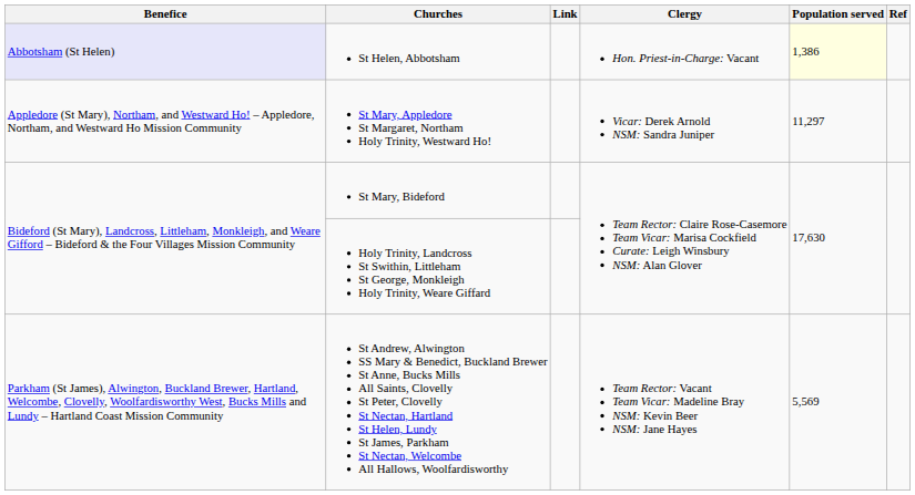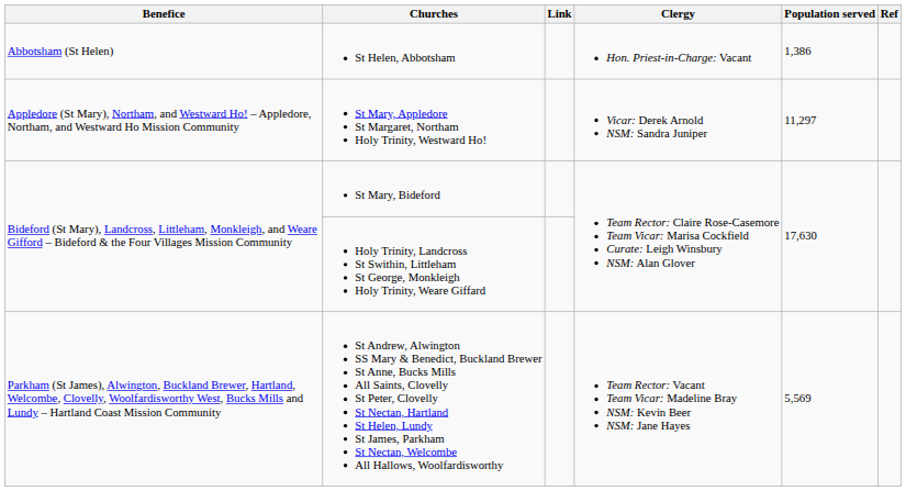 <table class="wikitable">
 <tr>
 <th width="425">Benefice</th>
 <th>Churches</th>
 <th>Link</th>
 <th>Clergy</th>
 <th>Population served</th>
 <th>Ref</th>
 </tr>
 <tr>
-<td style="background: lavender;"><a href='#'>Abbotsham</a> (St Helen)</td>
+<td><a href='#'>Abbotsham</a> (St Helen)</td>
 <td><br><ul><li>St Helen, Abbotsham</li></ul></td>
 <td></td>
 <td><br><ul><li><em>Hon. Priest-in-Charge:</em> Vacant</li></ul></td>
-<td style="background: lightyellow;">1,386</td>
+<td>1,386</td>
 <td></td>
 </tr>
 <tr>
 <td><a href='#'>Appledore</a> (St Mary), <a href='#'>Northam</a>, and <a href='#'>Westward Ho!</a> – Appledore, Northam, and Westward Ho Mission Community</td>
 <td><br><ul><li><a href='#'>St Mary, Appledore</a> </li><li>St Margaret, Northam</li><li>Holy Trinity, Westward Ho!</li></ul></td>
 <td></td>
 <td><br><ul><li><em>Vicar:</em> Derek Arnold</li><li><em>NSM:</em> Sandra Juniper</li></ul></td>
 <td>11,297</td>
 <td></td>
 </tr>
 <tr>
 <td rowspan="2"><a href='#'>Bideford</a> (St Mary), <a href='#'>Landcross</a>, <a href='#'>Littleham</a>, <a href='#'>Monkleigh</a>, and <a href='#'>Weare Gifford</a> – Bideford & the Four Villages Mission Community</td>
 <td><br><ul><li>St Mary, Bideford</li></ul></td>
 <td></td>
 <td rowspan="2"><br><ul><li><em>Team Rector:</em> Claire Rose-Casemore</li><li><em>Team Vicar:</em> Marisa Cockfield</li><li><em>Curate:</em> Leigh Winsbury</li><li><em>NSM:</em> Alan Glover</li></ul></td>
 <td rowspan="2">17,630</td>
 <td rowspan="2"></td>
 </tr>
 <tr>
 <td><br><ul><li>Holy Trinity, Landcross</li><li>St Swithin, Littleham</li><li>St George, Monkleigh</li><li>Holy Trinity, Weare Giffard</li></ul></td>
 <td></td>
 </tr>
 <tr>
 <td><a href='#'>Parkham</a> (St James), <a href='#'>Alwington</a>, <a href='#'>Buckland Brewer</a>, <a href='#'>Hartland</a>, <a href='#'>Welcombe</a>, <a href='#'>Clovelly</a>, <a href='#'>Woolfardisworthy West</a>, <a href='#'>Bucks Mills</a> and <a href='#'>Lundy</a> – Hartland Coast Mission Community</td>
 <td><br><ul><li>St Andrew, Alwington</li><li>SS Mary & Benedict, Buckland Brewer</li><li>St Anne, Bucks Mills</li><li>All Saints, Clovelly</li><li>St Peter, Clovelly</li><li><a href='#'>St Nectan, Hartland</a></li><li><a href='#'>St Helen, Lundy</a> </li><li>St James, Parkham</li><li><a href='#'>St Nectan, Welcombe</a></li><li>All Hallows, Woolfardisworthy</li></ul></td>
 <td></td>
 <td><br><ul><li><em>Team Rector:</em> Vacant</li><li><em>Team Vicar:</em> Madeline Bray</li><li><em>NSM:</em> Kevin Beer</li><li><em>NSM:</em> Jane Hayes</li></ul></td>
 <td>5,569</td>
 <td></td>
 </tr>
 </table>
